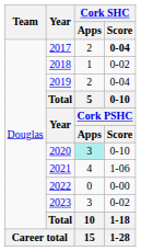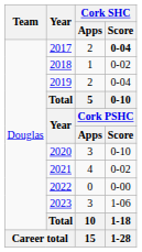 <table class="wikitable" style="text-align:center">
 <tr>
 <th rowspan="2">Team</th>
 <th rowspan="2">Year</th>
 <th colspan="2"><a href='#'>Cork SHC</a></th>
 </tr>
 <tr>
 <th>Apps</th>
 <th>Score</th>
 </tr>
 <tr>
 <td rowspan="11"><a href='#'>Douglas</a></td>
 <td><a href='#'>2017</a></td>
 <td>2</td>
 <td><strong>0-04</strong></td>
 </tr>
 <tr>
 <td><a href='#'>2018</a></td>
 <td>1</td>
 <td>0-02</td>
 </tr>
 <tr>
 <td><a href='#'>2019</a></td>
 <td>2</td>
 <td>0-04</td>
 </tr>
 <tr>
 <th>Total</th>
 <th>5</th>
 <th>0-10</th>
 </tr>
 <tr>
 <th rowspan=2>Year</th>
 <th colspan=2><a href='#'>Cork PSHC</a></th>
 </tr>
 <tr>
 <th>Apps</th>
 <th>Score</th>
 </tr>
 <tr>
 <td><a href='#'>2020</a></td>
-<td style="background: paleturquoise;">3</td>
+<td>3</td>
 <td>0-10</td>
 </tr>
 <tr>
 <td><a href='#'>2021</a></td>
 <td>4</td>
-<td>1-06</td>
+<td>0-02</td>
 </tr>
 <tr>
 <td><a href='#'>2022</a></td>
 <td>0</td>
 <td>0-00</td>
 </tr>
 <tr>
 <td><a href='#'>2023</a></td>
 <td>3</td>
-<td>0-02</td>
+<td>1-06</td>
 </tr>
 <tr>
 <th>Total</th>
 <th>10</th>
 <th>1-18</th>
 </tr>
 <tr>
 <th colspan="2">Career total</th>
 <th>15</th>
 <th>1-28</th>
 </tr>
 </table>
